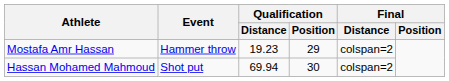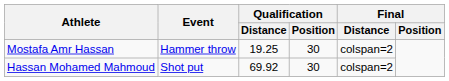 <table class=wikitable style="font-size:90%">
 <tr>
 <th rowspan="2">Athlete</th>
 <th rowspan="2">Event</th>
 <th colspan="2">Qualification</th>
 <th colspan="2">Final</th>
 </tr>
 <tr style="font-size:95%">
 <th>Distance</th>
 <th>Position</th>
 <th>Distance</th>
 <th>Position</th>
 </tr>
 <tr style=text-align:center>
 <td style=text-align:left><a href='#'>Mostafa Amr Hassan</a></td>
 <td style=text-align:left  rowspan=1><a href='#'>Hammer throw</a></td>
-<td>19.23</td>
-<td>29</td>
+<td>19.25</td>
+<td>30</td>
 <td>colspan=2 </td>
 </tr>
 <tr style=text-align:center>
 <td style=text-align:left><a href='#'>Hassan Mohamed Mahmoud</a></td>
 <td style=text-align:left rowspan=1><a href='#'>Shot put</a></td>
-<td>69.94</td>
+<td>69.92</td>
 <td>30</td>
 <td>colspan=2 </td>
 </tr>
 </table>
